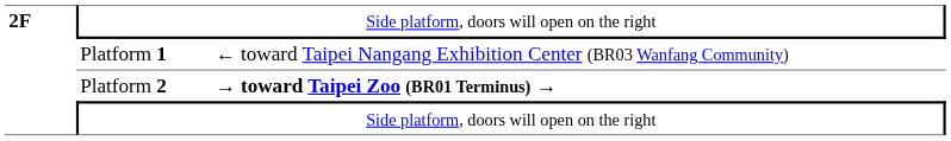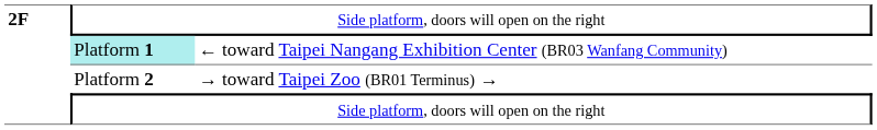 <table table border=0 cellspacing=0 cellpadding=3>
 <tr>
 <td style="border-top:solid 1px gray;border-bottom:solid 1px gray;" width=50 rowspan=10 valign=top><strong>2F</strong></td>
 </tr>
 <tr>
 <td style="border-right:solid 2px black;border-left:solid 2px black;border-bottom:solid 2px black;border-top:solid 1px gray;text-align:center;" colspan=2><small><a href='#'>Side platform</a>, doors will open on the right</small></td>
 </tr>
 <tr>
-<td style="border-bottom:solid 1px gray;" width=100>Platform <span><strong>1</strong></span></td>
+<td style="background: paleturquoise; border-bottom:solid 1px gray;" width=100>Platform <span><strong>1</strong></span></td>
 <td style="border-bottom:solid 1px gray;" width=570>←  toward <a href='#'>Taipei Nangang Exhibition Center</a> <small>(BR03 <a href='#'>Wanfang Community</a>)</small></td>
 </tr>
 <tr>
 <td>Platform <span><strong>2</strong></span></td>
-<td><strong><span>→</span> toward <a href='#'>Taipei Zoo</a> <small>(BR01 Terminus)</small> →</strong></td>
+<td><span>→</span> toward <a href='#'>Taipei Zoo</a> <small>(BR01 Terminus)</small> →</td>
 </tr>
 <tr>
 <td style="border-top:solid 2px black;border-right:solid 2px black;border-left:solid 2px black;border-bottom:solid 1px gray;text-align:center;" colspan=2><small><a href='#'>Side platform</a>, doors will open on the right</small></td>
 </tr>
 </table>
